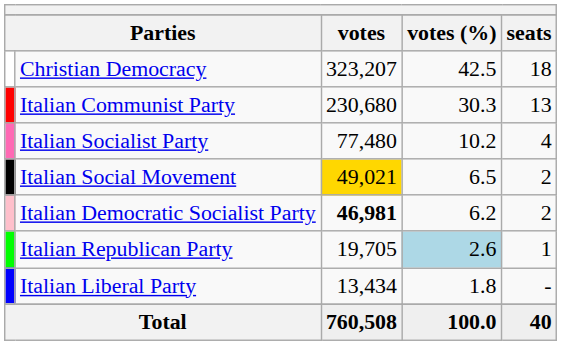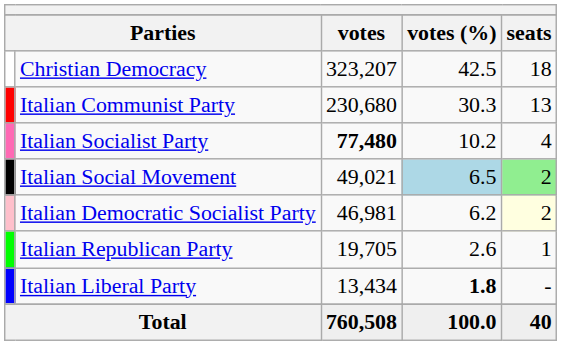 <table class="wikitable" style="font-size:95%">
 <tr>
 <th colspan=5></th>
 </tr>
 <tr>
 </tr>
 <tr bgcolor="EFEFEF">
 <th colspan=2>Parties</th>
 <th>votes</th>
 <th>votes (%)</th>
 <th>seats</th>
 </tr>
 <tr>
 <td bgcolor=White></td>
 <td><a href='#'>Christian Democracy</a></td>
 <td align=right>323,207</td>
 <td align=right>42.5</td>
 <td align=right>18</td>
 </tr>
 <tr>
 <td bgcolor=Red></td>
 <td><a href='#'>Italian Communist Party</a></td>
 <td align=right>230,680</td>
 <td align=right>30.3</td>
 <td align=right>13</td>
 </tr>
 <tr>
 <td bgcolor=Hotpink></td>
 <td><a href='#'>Italian Socialist Party</a></td>
-<td align=right>77,480</td>
+<td align=right><strong>77,480</strong></td>
 <td align=right>10.2</td>
 <td align=right>4</td>
 </tr>
 <tr>
 <td bgcolor=Black></td>
 <td><a href='#'>Italian Social Movement</a></td>
-<td align=right style="background: gold;">49,021</td>
-<td align=right>6.5</td>
-<td align=right>2</td>
+<td align=right>49,021</td>
+<td align=right style="background: lightblue;">6.5</td>
+<td align=right style="background: lightgreen;">2</td>
 </tr>
 <tr>
 <td bgcolor=Pink></td>
 <td><a href='#'>Italian Democratic Socialist Party</a></td>
-<td align=right><strong>46,981</strong></td>
+<td align=right>46,981</td>
 <td align=right>6.2</td>
-<td align=right>2</td>
+<td align=right style="background: lightyellow;">2</td>
 </tr>
 <tr>
 <td bgcolor=Lime></td>
 <td><a href='#'>Italian Republican Party</a></td>
 <td align=right>19,705</td>
-<td align=right style="background: lightblue;">2.6</td>
+<td align=right>2.6</td>
 <td align=right>1</td>
 </tr>
 <tr>
 <td bgcolor=Blue></td>
 <td><a href='#'>Italian Liberal Party</a></td>
 <td align=right>13,434</td>
-<td align=right>1.8</td>
+<td align=right><strong>1.8</strong></td>
 <td align=right>-</td>
 </tr>
 <tr>
 </tr>
 <tr bgcolor="EFEFEF">
 <th colspan=2><strong>Total</strong></th>
 <td align=right><strong>760,508</strong></td>
 <td align=right><strong>100.0</strong></td>
 <td align=right><strong>40</strong></td>
 </tr>
 </table>
